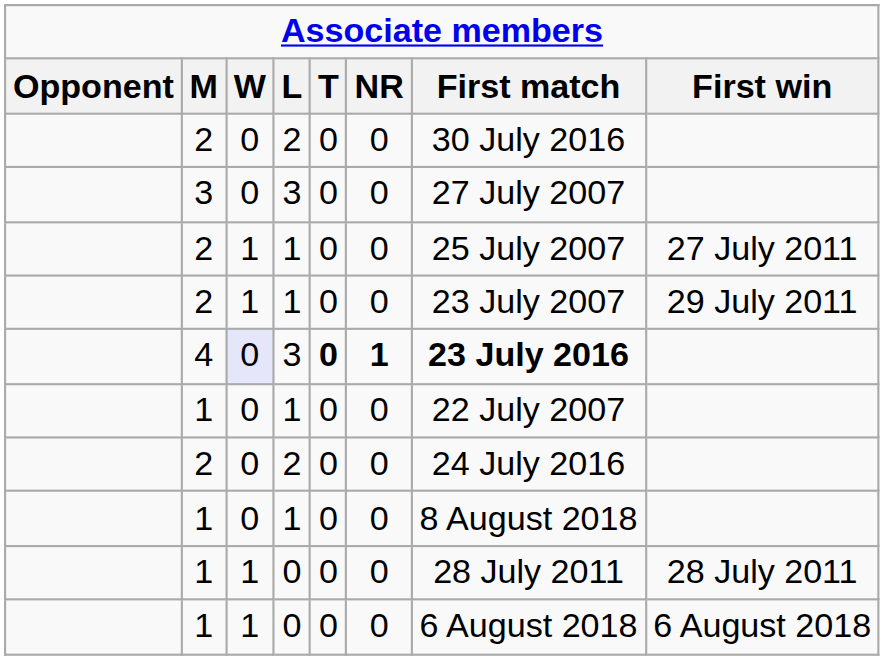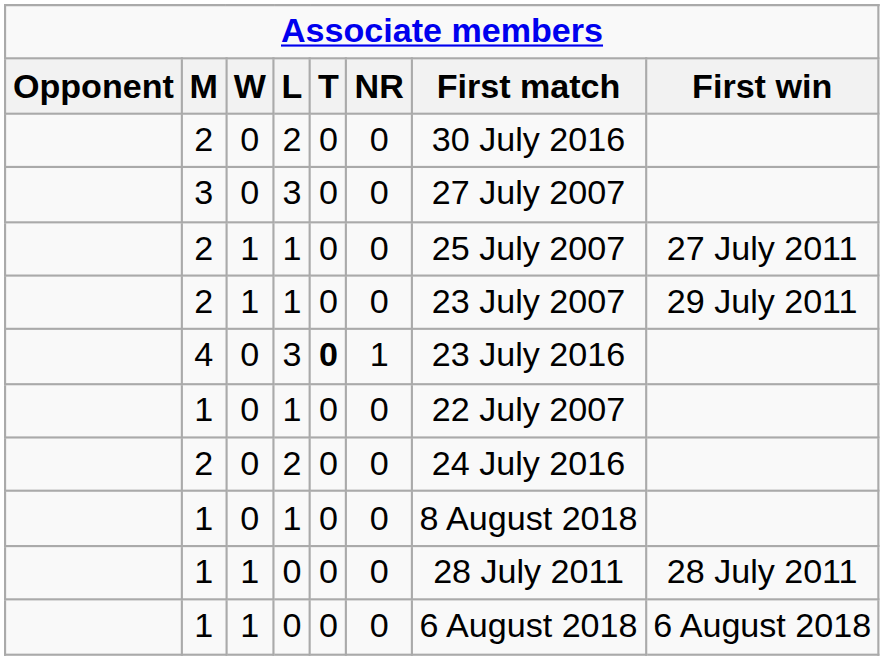 <table class="wikitable" style="text-align: center;">
 <tr>
 </tr>
 <tr>
 <td colspan="30" style="text-align: center;"><strong><a href='#'>Associate members</a></strong></td>
 </tr>
 <tr>
 <th>Opponent</th>
 <th>M</th>
 <th>W</th>
 <th>L</th>
 <th>T</th>
 <th>NR</th>
 <th>First match</th>
 <th>First win</th>
 </tr>
 <tr>
 <td></td>
 <td>2</td>
 <td>0</td>
 <td>2</td>
 <td>0</td>
 <td>0</td>
 <td>30 July 2016</td>
 <td></td>
 </tr>
 <tr>
 <td></td>
 <td>3</td>
 <td>0</td>
 <td>3</td>
 <td>0</td>
 <td>0</td>
 <td>27 July 2007</td>
 <td></td>
 </tr>
 <tr>
 <td></td>
 <td>2</td>
 <td>1</td>
 <td>1</td>
 <td>0</td>
 <td>0</td>
 <td>25 July 2007</td>
 <td>27 July 2011</td>
 </tr>
 <tr>
 <td></td>
 <td>2</td>
 <td>1</td>
 <td>1</td>
 <td>0</td>
 <td>0</td>
 <td>23 July 2007</td>
 <td>29 July 2011</td>
 </tr>
 <tr>
 <td></td>
 <td>4</td>
-<td style="background: lavender;">0</td>
+<td>0</td>
 <td>3</td>
 <td><strong>0</strong></td>
-<td><strong>1</strong></td>
-<td><strong>23 July 2016</strong></td>
+<td>1</td>
+<td>23 July 2016</td>
 <td></td>
 </tr>
 <tr>
 <td></td>
 <td>1</td>
 <td>0</td>
 <td>1</td>
 <td>0</td>
 <td>0</td>
 <td>22 July 2007</td>
 <td></td>
 </tr>
 <tr>
 <td></td>
 <td>2</td>
 <td>0</td>
 <td>2</td>
 <td>0</td>
 <td>0</td>
 <td>24 July 2016</td>
 <td></td>
 </tr>
 <tr>
 <td></td>
 <td>1</td>
 <td>0</td>
 <td>1</td>
 <td>0</td>
 <td>0</td>
 <td>8 August 2018</td>
 <td></td>
 </tr>
 <tr>
 <td></td>
 <td>1</td>
 <td>1</td>
 <td>0</td>
 <td>0</td>
 <td>0</td>
 <td>28 July 2011</td>
 <td>28 July 2011</td>
 </tr>
 <tr>
 <td></td>
 <td>1</td>
 <td>1</td>
 <td>0</td>
 <td>0</td>
 <td>0</td>
 <td>6 August 2018</td>
 <td>6 August 2018</td>
 </tr>
 </table>
